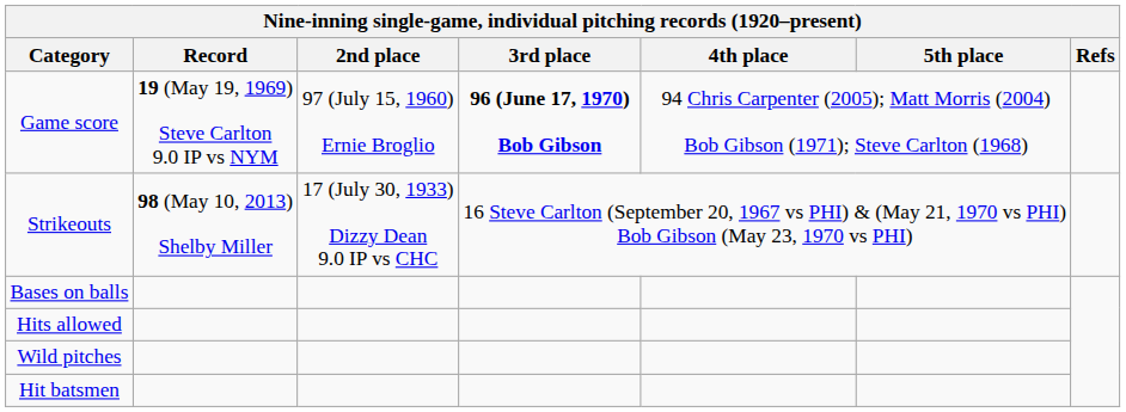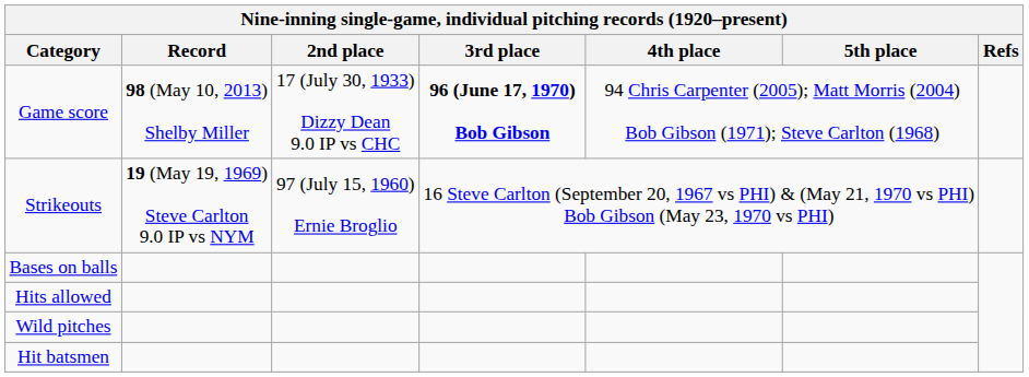 <table class="wikitable unsortable" style="text-align:center">
 <tr>
 <th colspan=7><strong>Nine-inning single-game, individual pitching records (1920–present)</strong></th>
 </tr>
 <tr>
 <th scope="col">Category</th>
 <th scope="col">Record</th>
 <th scope="col">2nd place</th>
 <th scope="col">3rd place</th>
 <th scope="col">4th place</th>
 <th scope="col">5th place</th>
 <th scope="col">Refs</th>
 </tr>
 <tr>
 <td><a href='#'>Game score</a></td>
-<td><strong>19</strong> (May 19, <a href='#'>1969</a>)<br><br><a href='#'>Steve Carlton</a><br> 9.0 IP vs <a href='#'>NYM</a></td>
-<td>97 (July 15, <a href='#'>1960</a>)<br><br><a href='#'>Ernie Broglio</a></td>
+<td><strong>98</strong> (May 10, <a href='#'>2013</a>)<br><br><a href='#'>Shelby Miller</a></td>
+<td>17 (July 30, <a href='#'>1933</a>)<br><br><a href='#'>Dizzy Dean</a><br> 9.0 IP vs <a href='#'>CHC</a></td>
 <td><strong>96 (June 17, <a href='#'>1970</a>)<br><br><a href='#'>Bob Gibson</a></strong></td>
 <td colspan="2" style="text-align: center;">94 <a href='#'>Chris Carpenter</a> (<a href='#'>2005</a>); <a href='#'>Matt Morris</a> (<a href='#'>2004</a>)<br><br><a href='#'>Bob Gibson</a> (<a href='#'>1971</a>); <a href='#'>Steve Carlton</a> (<a href='#'>1968</a>)</td>
 <td></td>
 </tr>
 <tr>
 <td><a href='#'>Strikeouts</a></td>
-<td><strong>98</strong> (May 10, <a href='#'>2013</a>)<br><br><a href='#'>Shelby Miller</a></td>
-<td>17 (July 30, <a href='#'>1933</a>)<br><br><a href='#'>Dizzy Dean</a><br> 9.0 IP vs <a href='#'>CHC</a></td>
+<td><strong>19</strong> (May 19, <a href='#'>1969</a>)<br><br><a href='#'>Steve Carlton</a><br> 9.0 IP vs <a href='#'>NYM</a></td>
+<td>97 (July 15, <a href='#'>1960</a>)<br><br><a href='#'>Ernie Broglio</a></td>
 <td colspan="3" style="text-align: center;">16 <a href='#'>Steve Carlton</a> (September 20, <a href='#'>1967</a> vs <a href='#'>PHI</a>) & (May 21, <a href='#'>1970</a> vs <a href='#'>PHI</a>)<br> <a href='#'>Bob Gibson</a> (May 23, <a href='#'>1970</a> vs <a href='#'>PHI</a>)</td>
 <td></td>
 </tr>
 <tr>
 <td><a href='#'>Bases on balls</a></td>
 <td></td>
 <td></td>
 <td></td>
 <td></td>
 <td></td>
 </tr>
 <tr>
 <td><a href='#'>Hits allowed</a></td>
 <td></td>
 <td></td>
 <td></td>
 <td></td>
 <td></td>
 </tr>
 <tr>
 <td><a href='#'>Wild pitches</a></td>
 <td></td>
 <td></td>
 <td></td>
 <td></td>
 <td></td>
 </tr>
 <tr>
 <td><a href='#'>Hit batsmen</a></td>
 <td></td>
 <td></td>
 <td></td>
 <td></td>
 <td></td>
 </tr>
 </table>
